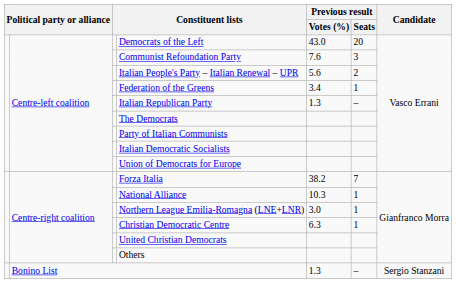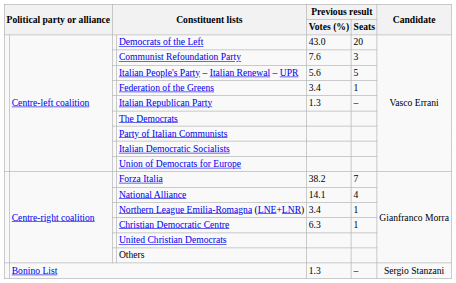 <table class="wikitable" style="text-align:left">
 <tr>
 <th colspan=2 rowspan="2">Political party or alliance</th>
 <th colspan=2 rowspan="2">Constituent lists</th>
 <th colspan="2">Previous result</th>
 <th rowspan="2">Candidate</th>
 </tr>
 <tr>
 <th>Votes (%)</th>
 <th>Seats</th>
 </tr>
 <tr>
 <td rowspan="9"></td>
 <td rowspan="9"><a href='#'>Centre-left coalition</a></td>
 <td></td>
 <td style="text-align:left;"><a href='#'>Democrats of the Left</a></td>
 <td>43.0</td>
 <td>20</td>
 <td rowspan="9" style="text-align: center;">Vasco Errani</td>
 </tr>
 <tr>
 <td></td>
 <td><a href='#'>Communist Refoundation Party</a></td>
 <td>7.6</td>
 <td>3</td>
 </tr>
 <tr>
 <td></td>
 <td><a href='#'>Italian People's Party</a> – <a href='#'>Italian Renewal</a> – <a href='#'>UPR</a></td>
 <td>5.6</td>
-<td>2</td>
+<td>5</td>
 </tr>
 <tr>
 <td></td>
 <td><a href='#'>Federation of the Greens</a></td>
 <td>3.4</td>
 <td>1</td>
 </tr>
 <tr>
 <td></td>
 <td><a href='#'>Italian Republican Party</a></td>
 <td>1.3</td>
 <td>–</td>
 </tr>
 <tr>
 <td></td>
 <td><a href='#'>The Democrats</a></td>
 <td></td>
 <td></td>
 </tr>
 <tr>
 <td></td>
 <td><a href='#'>Party of Italian Communists</a></td>
 <td></td>
 <td></td>
 </tr>
 <tr>
 <td></td>
 <td><a href='#'>Italian Democratic Socialists</a></td>
 <td></td>
 <td></td>
 </tr>
 <tr>
 <td></td>
 <td><a href='#'>Union of Democrats for Europe</a></td>
 <td></td>
 <td></td>
 </tr>
 <tr>
 <td rowspan="6" style="background:"></td>
 <td rowspan=6><a href='#'>Centre-right coalition</a></td>
 <td></td>
 <td style="text-align:left;"><a href='#'>Forza Italia</a></td>
 <td>38.2</td>
 <td>7</td>
 <td rowspan="6" style="text-align: center;">Gianfranco Morra</td>
 </tr>
 <tr>
 <td></td>
 <td style="text-align:left;"><a href='#'>National Alliance</a></td>
-<td>10.3</td>
-<td>1</td>
+<td>14.1</td>
+<td>4</td>
 </tr>
 <tr>
 <td></td>
 <td style="text-align:left;"><a href='#'>Northern League Emilia-Romagna</a> (<a href='#'>LNE</a>+<a href='#'>LNR</a>)</td>
-<td>3.0</td>
+<td>3.4</td>
 <td>1</td>
 </tr>
 <tr>
 <td></td>
 <td style="text-align:left;"><a href='#'>Christian Democratic Centre</a></td>
 <td>6.3</td>
 <td>1</td>
 </tr>
 <tr>
 <td></td>
 <td style="text-align:left;"><a href='#'>United Christian Democrats</a></td>
 <td></td>
 <td></td>
 </tr>
 <tr>
 <td></td>
 <td style="text-align:left;">Others</td>
 <td></td>
 <td></td>
 </tr>
 <tr>
 <td></td>
 <td colspan="3"><a href='#'>Bonino List</a></td>
 <td>1.3</td>
 <td>–</td>
 <td style="text-align: center;">Sergio Stanzani</td>
 </tr>
 </table>
